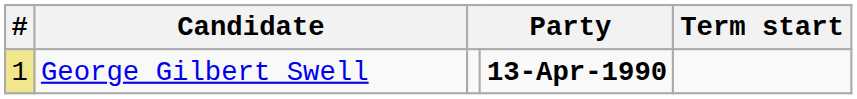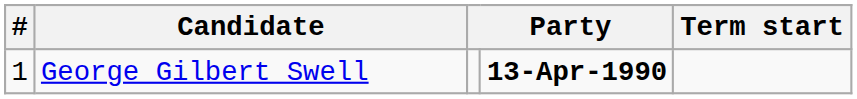 <table class="wikitable">
 <tr>
 <th>#</th>
 <th style="width:200px">Candidate</th>
 <th colspan="2">Party</th>
 <th>Term start</th>
 </tr>
 <tr>
-<td style="background: khaki;">1</td>
+<td>1</td>
 <td><a href='#'>George Gilbert Swell</a></td>
 <td></td>
 <td><strong>13-Apr-1990</strong></td>
 </tr>
 </table>
